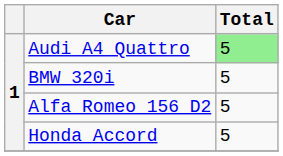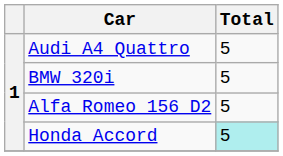 <table class="wikitable" style="font-size:100%;">
 <tr>
 <th></th>
 <th>Car</th>
 <th>Total</th>
 </tr>
 <tr>
 <th rowspan="4">1</th>
 <td><a href='#'>Audi A4 Quattro</a></td>
-<td style="background: lightgreen;">5</td>
+<td>5</td>
 </tr>
 <tr>
 <td><a href='#'>BMW 320i</a></td>
 <td>5</td>
 </tr>
 <tr>
 <td><a href='#'>Alfa Romeo 156 D2</a></td>
 <td>5</td>
 </tr>
 <tr>
 <td><a href='#'>Honda Accord</a></td>
-<td>5</td>
+<td style="background: paleturquoise;">5</td>
 </tr>
 <tr>
 </tr>
 </table>
